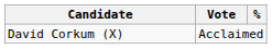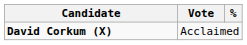 <table class="wikitable">
 <tr>
 <th bgcolor="#DDDDFF" width="200px">Candidate</th>
 <th bgcolor="#DDDDFF">Vote</th>
 <th bgcolor="#DDDDFF">%</th>
 </tr>
 <tr>
-<td>David Corkum (X)</td>
+<td><strong>David Corkum (X)</strong></td>
 <td colspan="2">Acclaimed</td>
 </tr>
 </table>
